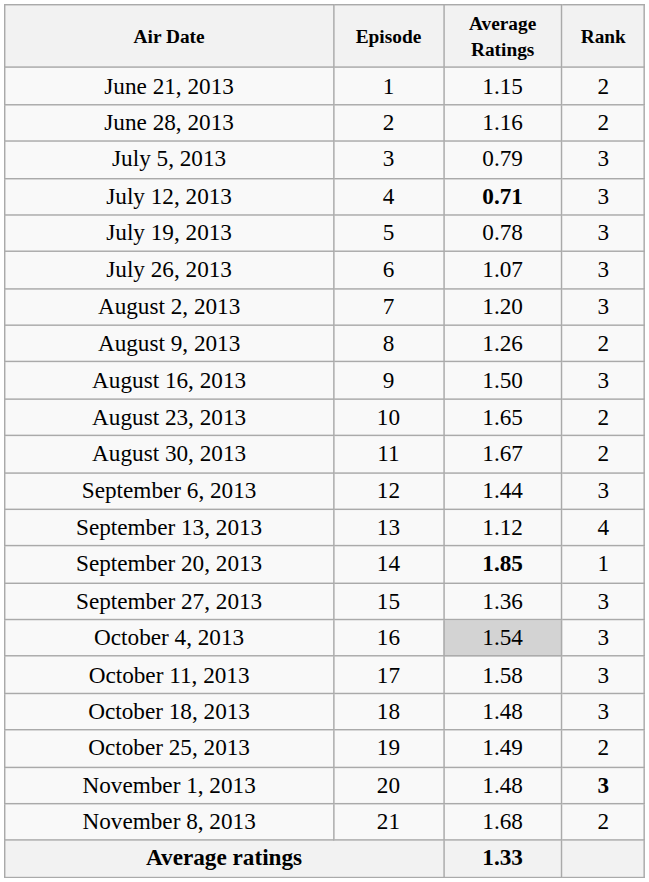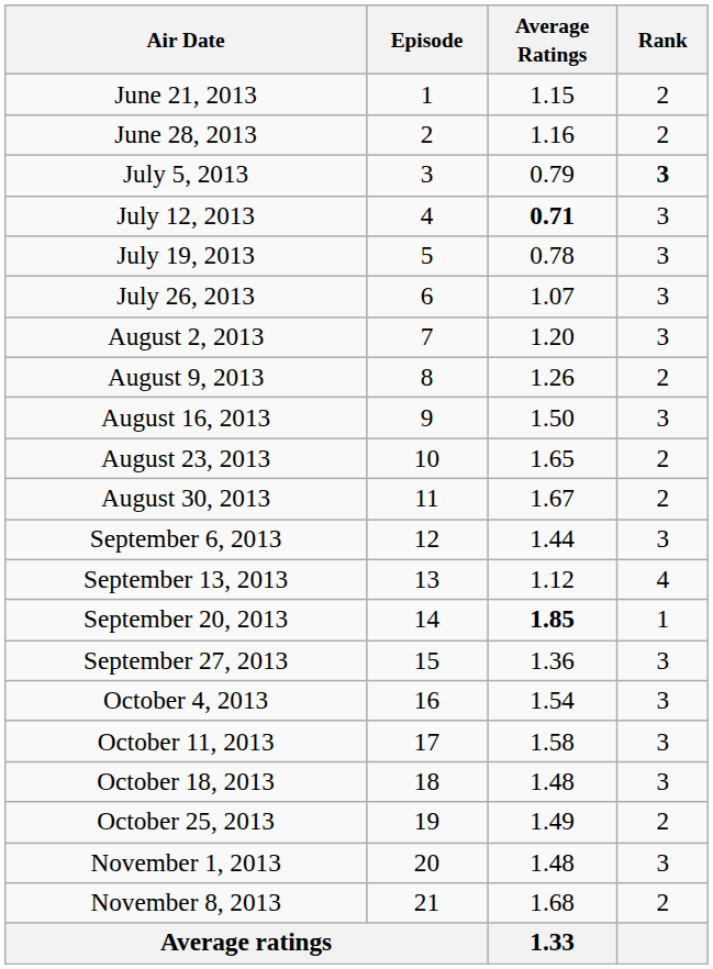 <table class="wikitable" style="text-align:center;width:35%;">
 <tr>
 <th width="25%"><small>Air Date</small></th>
 <th width="5%"><small>Episode</small></th>
 <th width="6%"><small>Average Ratings</small></th>
 <th width="4%"><small>Rank</small></th>
 </tr>
 <tr>
 <td>June 21, 2013</td>
 <td>1</td>
 <td>1.15</td>
 <td>2</td>
 </tr>
 <tr>
 <td>June 28, 2013</td>
 <td>2</td>
 <td>1.16</td>
 <td>2</td>
 </tr>
 <tr>
 <td>July 5, 2013</td>
 <td>3</td>
 <td>0.79</td>
-<td>3</td>
+<td><strong>3</strong></td>
 </tr>
 <tr>
 <td>July 12, 2013</td>
 <td>4</td>
 <td><span><strong>0.71</strong></span></td>
 <td>3</td>
 </tr>
 <tr>
 <td>July 19, 2013</td>
 <td>5</td>
 <td>0.78</td>
 <td>3</td>
 </tr>
 <tr>
 <td>July 26, 2013</td>
 <td>6</td>
 <td>1.07</td>
 <td>3</td>
 </tr>
 <tr>
 <td>August 2, 2013</td>
 <td>7</td>
 <td>1.20</td>
 <td>3</td>
 </tr>
 <tr>
 <td>August 9, 2013</td>
 <td>8</td>
 <td>1.26</td>
 <td>2</td>
 </tr>
 <tr>
 <td>August 16, 2013</td>
 <td>9</td>
 <td>1.50</td>
 <td>3</td>
 </tr>
 <tr>
 <td>August 23, 2013</td>
 <td>10</td>
 <td>1.65</td>
 <td>2</td>
 </tr>
 <tr>
 <td>August 30, 2013</td>
 <td>11</td>
 <td>1.67</td>
 <td>2</td>
 </tr>
 <tr>
 <td>September 6, 2013</td>
 <td>12</td>
 <td>1.44</td>
 <td>3</td>
 </tr>
 <tr>
 <td>September 13, 2013</td>
 <td>13</td>
 <td>1.12</td>
 <td>4</td>
 </tr>
 <tr>
 <td>September 20, 2013</td>
 <td>14</td>
 <td><span><strong>1.85</strong></span></td>
 <td>1</td>
 </tr>
 <tr>
 <td>September 27, 2013</td>
 <td>15</td>
 <td>1.36</td>
 <td>3</td>
 </tr>
 <tr>
 <td>October 4, 2013</td>
 <td>16</td>
-<td style="background: lightgrey;">1.54</td>
+<td>1.54</td>
 <td>3</td>
 </tr>
 <tr>
 <td>October 11, 2013</td>
 <td>17</td>
 <td>1.58</td>
 <td>3</td>
 </tr>
 <tr>
 <td>October 18, 2013</td>
 <td>18</td>
 <td>1.48</td>
 <td>3</td>
 </tr>
 <tr>
 <td>October 25, 2013</td>
 <td>19</td>
 <td>1.49</td>
 <td>2</td>
 </tr>
 <tr>
 <td>November 1, 2013</td>
 <td>20</td>
 <td>1.48</td>
-<td><strong>3</strong></td>
+<td>3</td>
 </tr>
 <tr>
 <td>November 8, 2013</td>
 <td>21</td>
 <td>1.68</td>
 <td>2</td>
 </tr>
 <tr>
 <th colspan="2">Average ratings</th>
 <th>1.33</th>
 <th></th>
 </tr>
 <tr>
 </tr>
 </table>
